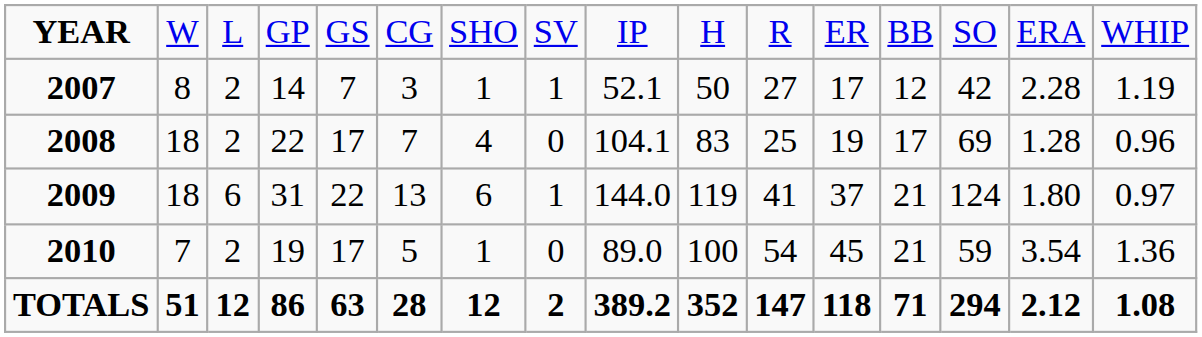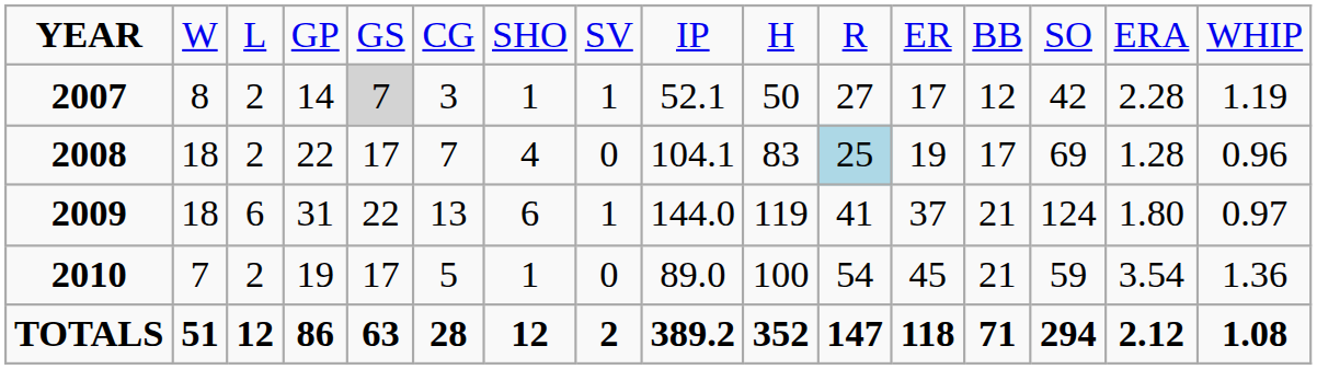 <table class="wikitable">
 <tr align=center>
 <td><strong>YEAR</strong></td>
 <td><a href='#'>W</a></td>
 <td><a href='#'>L</a></td>
 <td><a href='#'>GP</a></td>
 <td><a href='#'>GS</a></td>
 <td><a href='#'>CG</a></td>
 <td><a href='#'>SHO</a></td>
 <td><a href='#'>SV</a></td>
 <td><a href='#'>IP</a></td>
 <td><a href='#'>H</a></td>
 <td><a href='#'>R</a></td>
 <td><a href='#'>ER</a></td>
 <td><a href='#'>BB</a></td>
 <td><a href='#'>SO</a></td>
 <td><a href='#'>ERA</a></td>
 <td><a href='#'>WHIP</a></td>
 </tr>
 <tr align=center>
 <td><strong>2007</strong></td>
 <td>8</td>
 <td>2</td>
 <td>14</td>
-<td>7</td>
+<td style="background: lightgrey;">7</td>
 <td>3</td>
 <td>1</td>
 <td>1</td>
 <td>52.1</td>
 <td>50</td>
 <td>27</td>
 <td>17</td>
 <td>12</td>
 <td>42</td>
 <td>2.28</td>
 <td>1.19</td>
 </tr>
 <tr align=center>
 <td><strong>2008</strong></td>
 <td>18</td>
 <td>2</td>
 <td>22</td>
 <td>17</td>
 <td>7</td>
 <td>4</td>
 <td>0</td>
 <td>104.1</td>
 <td>83</td>
-<td>25</td>
+<td style="background: lightblue;">25</td>
 <td>19</td>
 <td>17</td>
 <td>69</td>
 <td>1.28</td>
 <td>0.96</td>
 </tr>
 <tr align=center>
 <td><strong>2009</strong></td>
 <td>18</td>
 <td>6</td>
 <td>31</td>
 <td>22</td>
 <td>13</td>
 <td>6</td>
 <td>1</td>
 <td>144.0</td>
 <td>119</td>
 <td>41</td>
 <td>37</td>
 <td>21</td>
 <td>124</td>
 <td>1.80</td>
 <td>0.97</td>
 </tr>
 <tr align=center>
 <td><strong>2010</strong></td>
 <td>7</td>
 <td>2</td>
 <td>19</td>
 <td>17</td>
 <td>5</td>
 <td>1</td>
 <td>0</td>
 <td>89.0</td>
 <td>100</td>
 <td>54</td>
 <td>45</td>
 <td>21</td>
 <td>59</td>
 <td>3.54</td>
 <td>1.36</td>
 </tr>
 <tr align=center>
 <td><strong>TOTALS</strong></td>
 <td><strong>51</strong></td>
 <td><strong>12</strong></td>
 <td><strong>86</strong></td>
 <td><strong>63</strong></td>
 <td><strong>28</strong></td>
 <td><strong>12</strong></td>
 <td><strong>2</strong></td>
 <td><strong>389.2</strong></td>
 <td><strong>352</strong></td>
 <td><strong>147</strong></td>
 <td><strong>118</strong></td>
 <td><strong>71</strong></td>
 <td><strong>294</strong></td>
 <td><strong>2.12</strong></td>
 <td><strong>1.08</strong></td>
 </tr>
 </table>
